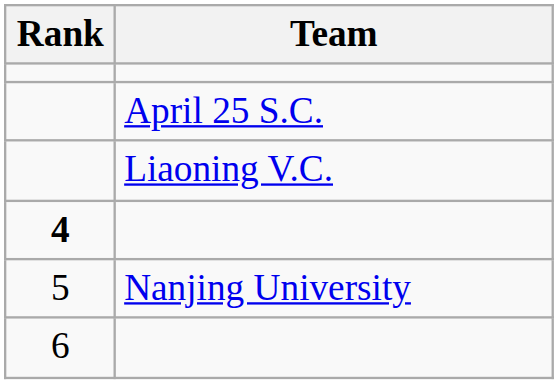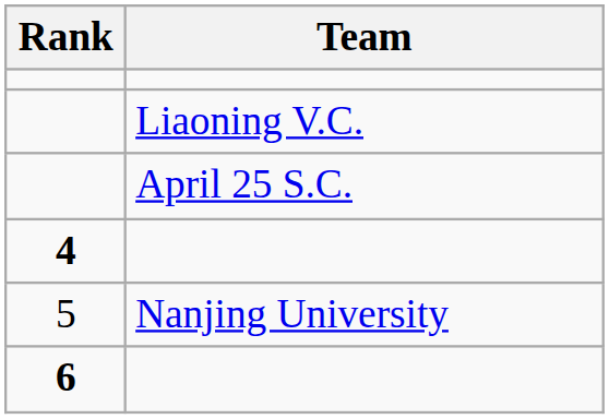 <table class="wikitable" style="text-align: center;">
 <tr>
 <th width=40>Rank</th>
 <th width=180>Team</th>
 </tr>
 <tr align=center>
 <td></td>
 <td style="text-align:left;"></td>
 </tr>
 <tr align=center>
 <td></td>
-<td style="text-align:left;"> <a href='#'>April 25 S.C.</a></td>
+<td style="text-align:left;"> <a href='#'>Liaoning V.C.</a></td>
 </tr>
 <tr align=center>
 <td></td>
-<td style="text-align:left;"> <a href='#'>Liaoning V.C.</a></td>
+<td style="text-align:left;"> <a href='#'>April 25 S.C.</a></td>
 </tr>
 <tr align=center>
 <td><strong>4</strong></td>
 <td style="text-align:left;"></td>
 </tr>
 <tr align=center>
 <td>5</td>
 <td style="text-align:left;"> <a href='#'>Nanjing University</a></td>
 </tr>
 <tr align=center>
-<td>6</td>
+<td><strong>6</strong></td>
 <td style="text-align:left;"></td>
 </tr>
 </table>
